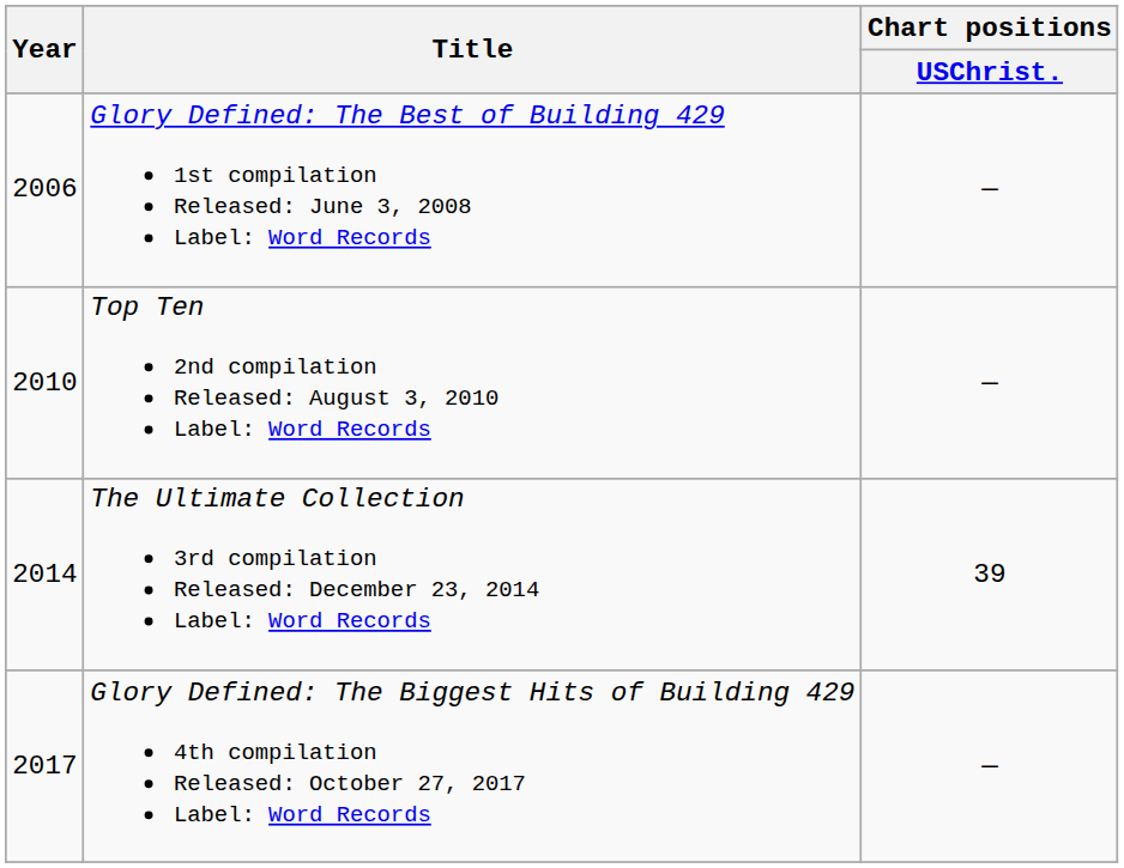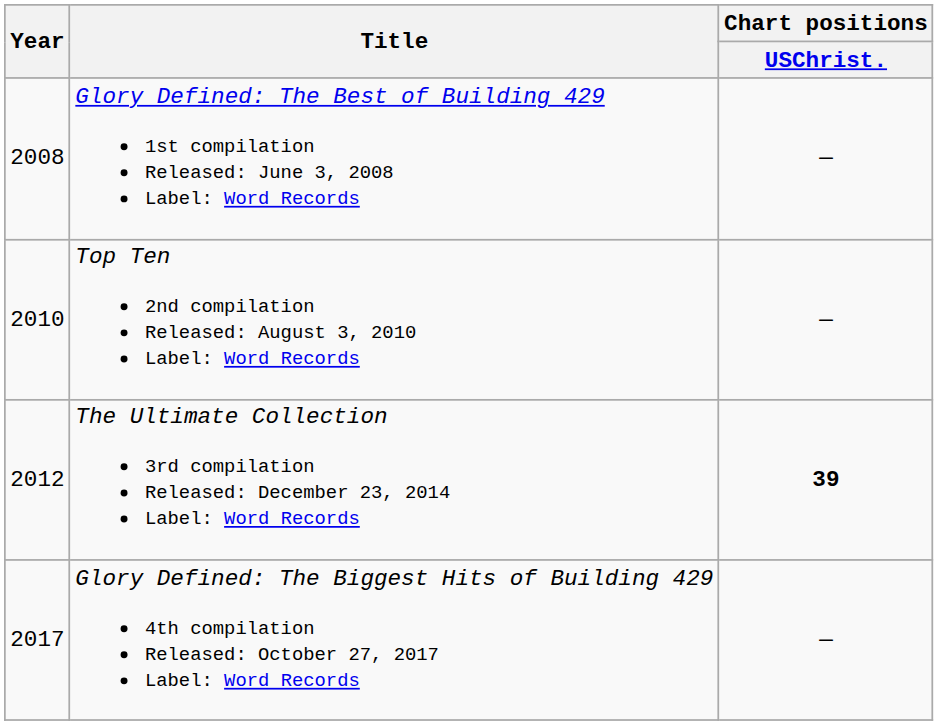 <table class="wikitable">
 <tr>
 <th rowspan="2">Year</th>
 <th rowspan="2">Title</th>
 <th>Chart positions</th>
 </tr>
 <tr>
 <th><a href='#'>USChrist.</a></th>
 </tr>
 <tr>
-<td>2006</td>
+<td>2008</td>
 <td><em><a href='#'>Glory Defined: The Best of Building 429</a></em><br><ul><li><small>1st compilation</small></li><li><small>Released: June 3, 2008</small></li><li><small>Label: <a href='#'>Word Records</a></small></li></ul></td>
 <td align="center">—</td>
 </tr>
 <tr>
 <td>2010</td>
 <td><em>Top Ten</em><br><ul><li><small>2nd compilation</small></li><li><small>Released: August 3, 2010</small></li><li><small>Label: <a href='#'>Word Records</a></small></li></ul></td>
 <td align="center">—</td>
 </tr>
 <tr>
-<td>2014</td>
+<td>2012</td>
 <td><em>The Ultimate Collection</em><br><ul><li><small>3rd compilation</small></li><li><small>Released: December 23, 2014</small></li><li><small>Label: <a href='#'>Word Records</a></small></li></ul></td>
-<td align="center">39</td>
+<td align="center"><strong>39</strong></td>
 </tr>
 <tr>
 <td>2017</td>
 <td><em>Glory Defined: The Biggest Hits of Building 429</em><br><ul><li><small>4th compilation</small></li><li><small>Released: October 27, 2017</small></li><li><small>Label: <a href='#'>Word Records</a></small></li></ul></td>
 <td align="center">—</td>
 </tr>
 </table>
